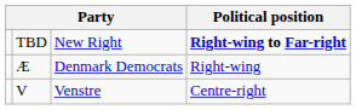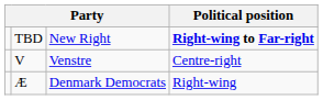 <table class="wikitable">
 <tr>
 <th colspan="3">Party</th>
 <th>Political position</th>
 </tr>
 <tr>
 <td></td>
 <td>TBD</td>
 <td><a href='#'>New Right</a></td>
 <td><strong><a href='#'>Right-wing</a> to  <a href='#'>Far-right</a></strong></td>
 </tr>
 <tr>
 <td></td>
+<td>V</td>
+<td><a href='#'>Venstre</a></td>
+<td><a href='#'>Centre-right</a></td>
+</tr>
+<tr>
+<td></td>
 <td>Æ</td>
 <td><a href='#'>Denmark Democrats</a></td>
 <td><a href='#'>Right-wing</a></td>
 </tr>
-<tr>
-<td></td>
-<td>V</td>
-<td><a href='#'>Venstre</a></td>
-<td><a href='#'>Centre-right</a></td>
-</tr>
 </table>
